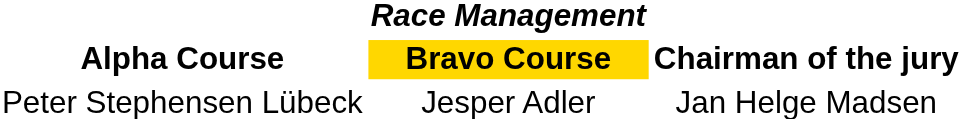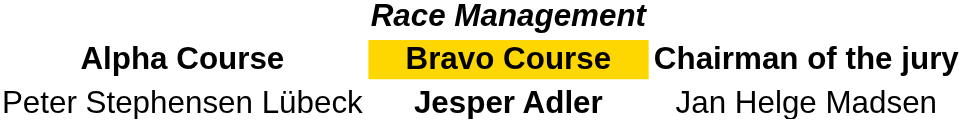 <table class="table">
 <tr>
 <th></th>
 <th style="text-align:center"><em>Race Management</em></th>
 <th></th>
 </tr>
 <tr>
 <td style="text-align:center"><strong>Alpha Course</strong></td>
 <td style="background: gold; text-align:center"><strong>Bravo Course</strong></td>
 <td style="text-align:center" colspan="5"><strong>Chairman of the jury</strong></td>
 </tr>
 <tr>
 <td style="text-align:center">Peter Stephensen Lübeck</td>
-<td style="text-align:center">Jesper Adler</td>
+<td style="text-align:center"><strong>Jesper Adler</strong></td>
 <td style="text-align:center" colspan="5">Jan Helge Madsen</td>
 <td></td>
 </tr>
 </table>
